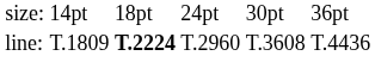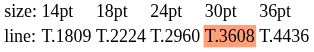 <table style="margin-left:40px;">
 <tr>
 <td>size:</td>
 <td>14pt</td>
 <td>18pt</td>
 <td>24pt</td>
 <td>30pt</td>
 <td>36pt</td>
 </tr>
 <tr>
 <td>line:</td>
 <td>T.1809</td>
-<td><strong>T.2224</strong></td>
+<td>T.2224</td>
 <td>T.2960</td>
-<td>T.3608</td>
+<td style="background: lightsalmon;">T.3608</td>
 <td>T.4436</td>
 </tr>
 </table>
